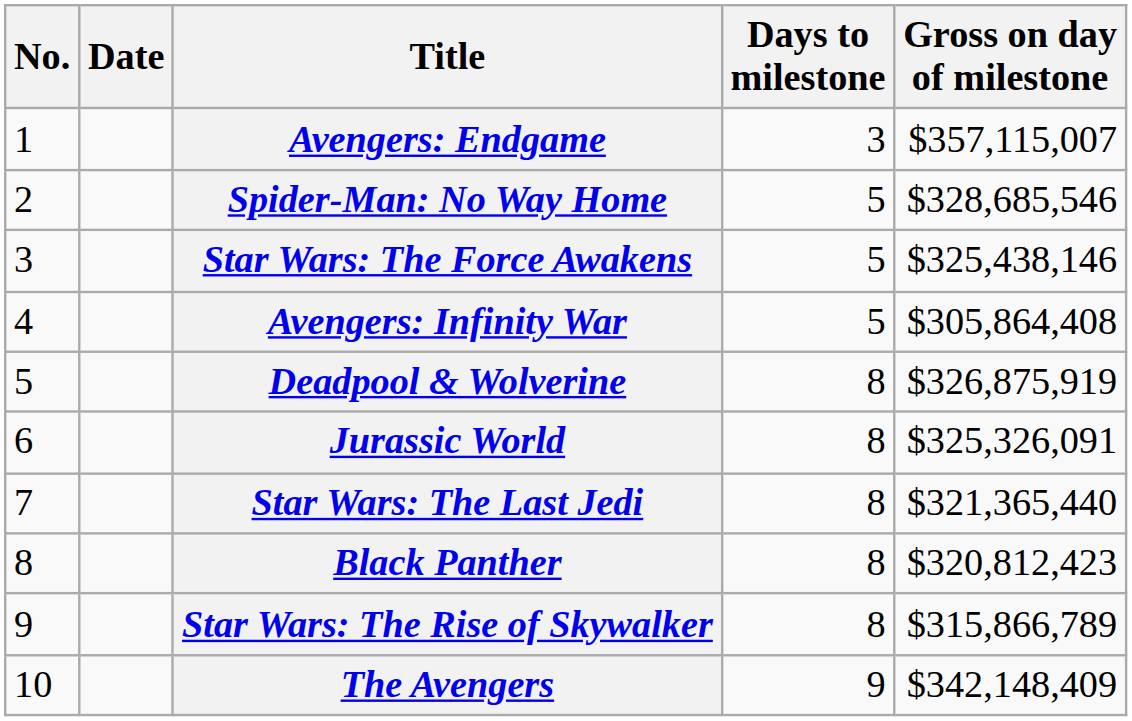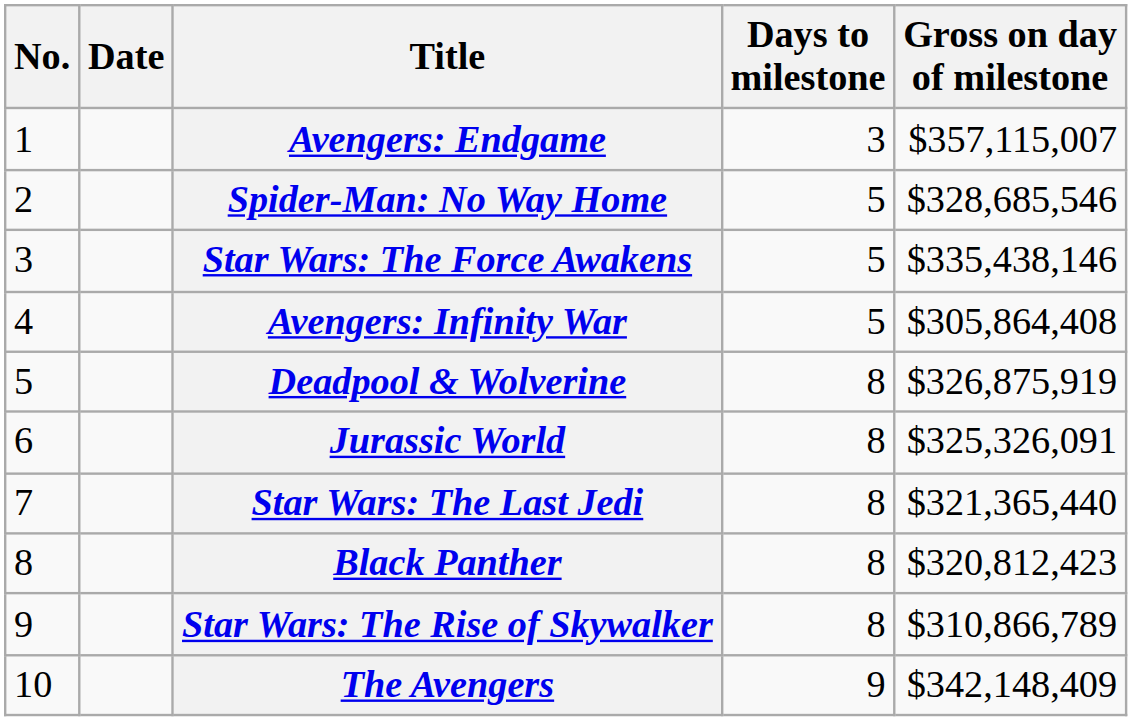 <table class="wikitable">
 <tr>
 <th scope="col">No.</th>
 <th scope="col">Date</th>
 <th scope="col">Title</th>
 <th scope="col">Days to <br>milestone</th>
 <th scope="col">Gross on day <br>of milestone</th>
 </tr>
 <tr>
 <td>1</td>
 <td></td>
 <th scope="row"><em><a href='#'>Avengers: Endgame</a></em></th>
 <td style="text-align:right;">3</td>
 <td style="text-align:right;">$357,115,007</td>
 </tr>
 <tr>
 <td>2</td>
 <td></td>
 <th scope="row"><em><a href='#'>Spider-Man: No Way Home</a></em></th>
 <td style="text-align:right;">5</td>
 <td style="text-align:right;">$328,685,546</td>
 </tr>
 <tr>
 <td>3</td>
 <td></td>
 <th scope="row"><em><a href='#'>Star Wars: The Force Awakens</a></em></th>
 <td style="text-align:right;">5</td>
-<td style="text-align:right;">$325,438,146</td>
+<td style="text-align:right;">$335,438,146</td>
 </tr>
 <tr>
 <td>4</td>
 <td></td>
 <th scope="row"><em><a href='#'>Avengers: Infinity War</a></em></th>
 <td style="text-align:right;">5</td>
 <td style="text-align:right;">$305,864,408</td>
 </tr>
 <tr>
 <td>5</td>
 <td></td>
 <th scope="row"><em><a href='#'>Deadpool & Wolverine</a></em></th>
 <td style="text-align:right;">8</td>
 <td style="text-align:right;">$326,875,919</td>
 </tr>
 <tr>
 <td>6</td>
 <td></td>
 <th scope="row"><em><a href='#'>Jurassic World</a></em></th>
 <td style="text-align:right;">8</td>
 <td style="text-align:right;">$325,326,091</td>
 </tr>
 <tr>
 <td>7</td>
 <td></td>
 <th scope="row"><em><a href='#'>Star Wars: The Last Jedi</a></em></th>
 <td style="text-align:right;">8</td>
 <td style="text-align:right;">$321,365,440</td>
 </tr>
 <tr>
 <td>8</td>
 <td></td>
 <th scope="row"><em><a href='#'>Black Panther</a></em></th>
 <td style="text-align:right;">8</td>
 <td style="text-align:right;">$320,812,423</td>
 </tr>
 <tr>
 <td>9</td>
 <td></td>
 <th scope="row"><em><a href='#'>Star Wars: The Rise of Skywalker</a></em></th>
 <td style="text-align:right;">8</td>
-<td style="text-align:right;">$315,866,789</td>
+<td style="text-align:right;">$310,866,789</td>
 </tr>
 <tr>
 <td>10</td>
 <td></td>
 <th scope="row"><em><a href='#'>The Avengers</a></em></th>
 <td style="text-align:right;">9</td>
 <td style="text-align:right;">$342,148,409</td>
 </tr>
 </table>
